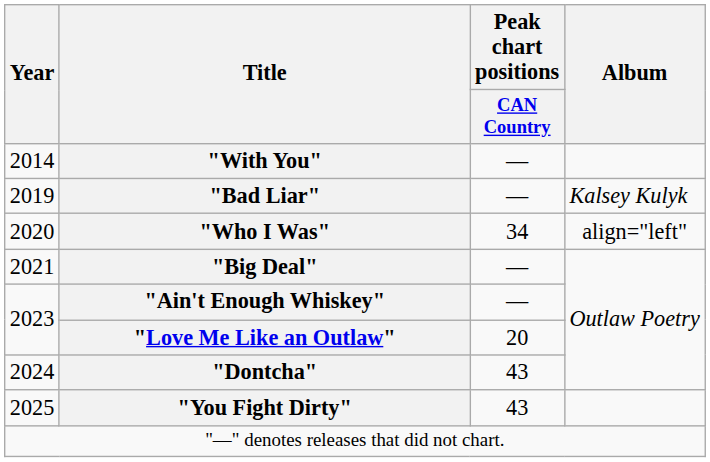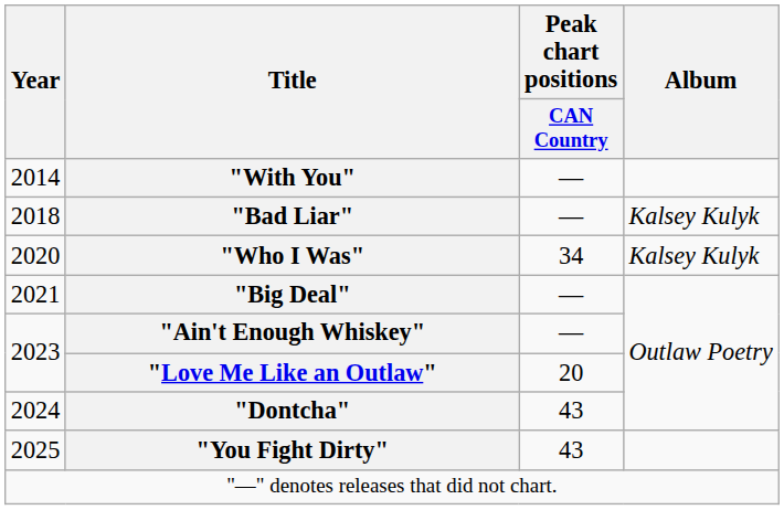 <table class="wikitable plainrowheaders" style="text-align:center;">
 <tr>
 <th scope="col" rowspan="2">Year</th>
 <th scope="col" rowspan="2" style="width:18em;">Title</th>
 <th scope="col" colspan="1">Peak chart positions</th>
 <th scope="col" rowspan="2">Album</th>
 </tr>
 <tr style="font-size:smaller;">
 <th scope="col" style="width:4em;"><a href='#'>CAN Country</a><br></th>
 </tr>
 <tr>
 <td>2014</td>
 <th scope="row">"With You"</th>
 <td>—</td>
 <td></td>
 </tr>
 <tr>
-<td>2019</td>
+<td>2018</td>
 <th scope="row">"Bad Liar"</th>
 <td>—</td>
 <td align="left"><em>Kalsey Kulyk</em></td>
 </tr>
 <tr>
 <td>2020</td>
 <th scope="row">"Who I Was"</th>
 <td>34</td>
-<td>align="left" </td>
+<td align="left"><em>Kalsey Kulyk</em></td>
 </tr>
 <tr>
 <td>2021</td>
 <th scope="row">"Big Deal"</th>
 <td>—</td>
 <td align="left" rowspan="4"><em>Outlaw Poetry</em></td>
 </tr>
 <tr>
 <td rowspan="2">2023</td>
 <th scope="row">"Ain't Enough Whiskey"</th>
 <td>—</td>
 </tr>
 <tr>
 <th scope="row">"<a href='#'>Love Me Like an Outlaw</a>"</th>
 <td>20</td>
 </tr>
 <tr>
 <td>2024</td>
 <th scope="row">"Dontcha"</th>
 <td>43</td>
 </tr>
 <tr>
 <td>2025</td>
 <th scope="row">"You Fight Dirty"</th>
 <td>43</td>
 <td></td>
 </tr>
 <tr>
 <td colspan="5" style="font-size:85%">"—" denotes releases that did not chart.</td>
 </tr>
 </table>
